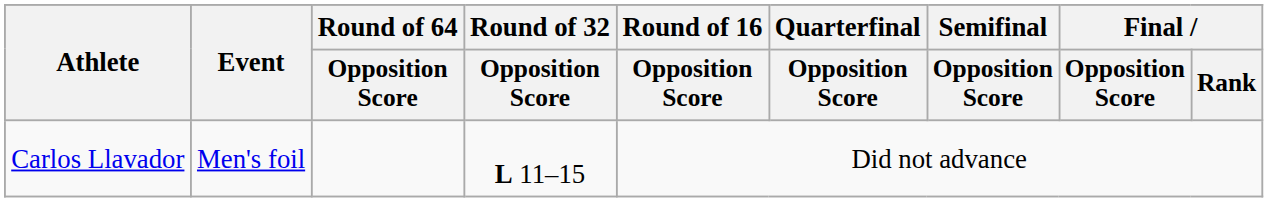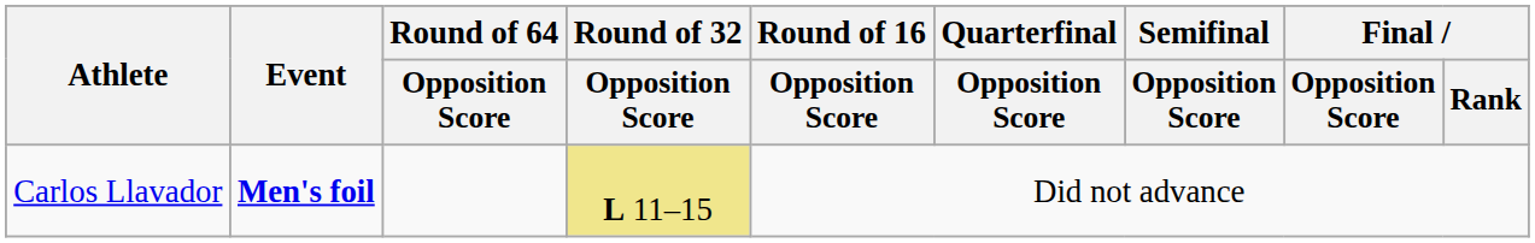 <table class="wikitable" style="font-size:90%">
 <tr>
 <th rowspan="2">Athlete</th>
 <th rowspan="2">Event</th>
 <th>Round of 64</th>
 <th>Round of 32</th>
 <th>Round of 16</th>
 <th>Quarterfinal</th>
 <th>Semifinal</th>
 <th colspan=2>Final / </th>
 </tr>
 <tr style="font-size:95%">
 <th>Opposition <br> Score</th>
 <th>Opposition <br> Score</th>
 <th>Opposition <br> Score</th>
 <th>Opposition <br> Score</th>
 <th>Opposition <br> Score</th>
 <th>Opposition <br> Score</th>
 <th>Rank</th>
 </tr>
 <tr align=center>
 <td align=left><a href='#'>Carlos Llavador</a></td>
-<td align=left><a href='#'>Men's foil</a></td>
+<td align=left><strong><a href='#'>Men's foil</a></strong></td>
 <td></td>
-<td><br><strong>L</strong> 11–15</td>
+<td style="background: khaki;"><br><strong>L</strong> 11–15</td>
 <td colspan=5>Did not advance</td>
 </tr>
 </table>
